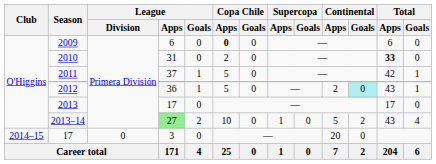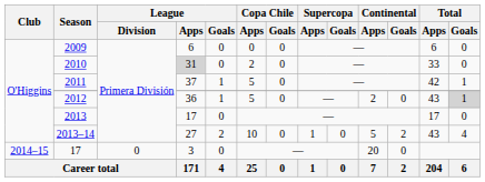 <table class="wikitable" style="text-align: center;">
 <tr>
 <th rowspan="2">Club</th>
 <th rowspan="2">Season</th>
 <th colspan="3">League</th>
 <th colspan="2">Copa Chile</th>
 <th colspan="2">Supercopa</th>
 <th colspan="2">Continental</th>
 <th colspan="2">Total</th>
 </tr>
 <tr>
 <th>Division</th>
 <th>Apps</th>
 <th>Goals</th>
 <th>Apps</th>
 <th>Goals</th>
 <th>Apps</th>
 <th>Goals</th>
 <th>Apps</th>
 <th>Goals</th>
 <th>Apps</th>
 <th>Goals</th>
 </tr>
 <tr>
 <td rowspan="7"><a href='#'>O'Higgins</a></td>
 <td><a href='#'>2009</a></td>
 <td rowspan="7"><a href='#'>Primera División</a></td>
 <td>6</td>
 <td>0</td>
-<td><strong>0</strong></td>
+<td>0</td>
 <td>0</td>
 <td colspan="4">—</td>
 <td>6</td>
 <td>0</td>
 </tr>
 <tr>
 <td><a href='#'>2010</a></td>
-<td>31</td>
+<td style="background: lightgrey;">31</td>
 <td>0</td>
 <td>2</td>
 <td>0</td>
 <td colspan="4">—</td>
-<td><strong>33</strong></td>
+<td>33</td>
 <td>0</td>
 </tr>
 <tr>
 <td><a href='#'>2011</a></td>
 <td>37</td>
 <td>1</td>
 <td>5</td>
 <td>0</td>
 <td colspan="4">—</td>
 <td>42</td>
 <td>1</td>
 </tr>
 <tr>
 </tr>
 <tr>
 <td><a href='#'>2012</a></td>
 <td>36</td>
 <td>1</td>
 <td>5</td>
 <td>0</td>
 <td colspan="2">—</td>
 <td>2</td>
-<td style="background: paleturquoise;">0</td>
+<td>0</td>
 <td>43</td>
-<td>1</td>
+<td style="background: lightgrey;">1</td>
 </tr>
 <tr>
 <td><a href='#'>2013</a></td>
 <td>17</td>
 <td>0</td>
 <td colspan="6">—</td>
 <td>17</td>
 <td>0</td>
 </tr>
 <tr>
 <td><a href='#'>2013–14</a></td>
-<td style="background: lightgreen;">27</td>
+<td>27</td>
 <td>2</td>
 <td>10</td>
 <td>0</td>
 <td>1</td>
 <td>0</td>
 <td>5</td>
 <td>2</td>
 <td>43</td>
 <td>4</td>
 </tr>
 <tr>
 <td><a href='#'>2014–15</a></td>
 <td>17</td>
 <td>0</td>
 <td>3</td>
 <td>0</td>
 <td colspan="4">—</td>
 <td>20</td>
 <td>0</td>
 </tr>
 <tr>
 <th colspan="3">Career total</th>
 <th>171</th>
 <th>4</th>
 <th>25</th>
 <th>0</th>
 <th>1</th>
 <th>0</th>
 <th>7</th>
 <th>2</th>
 <th>204</th>
 <th>6</th>
 </tr>
 </table>
